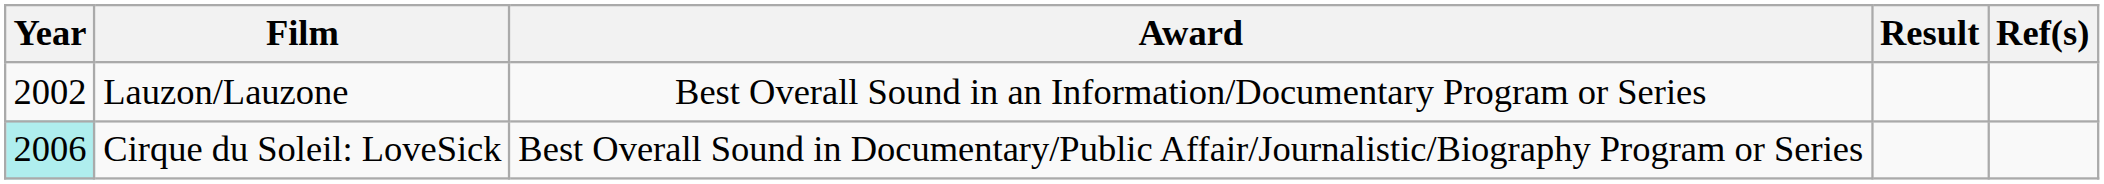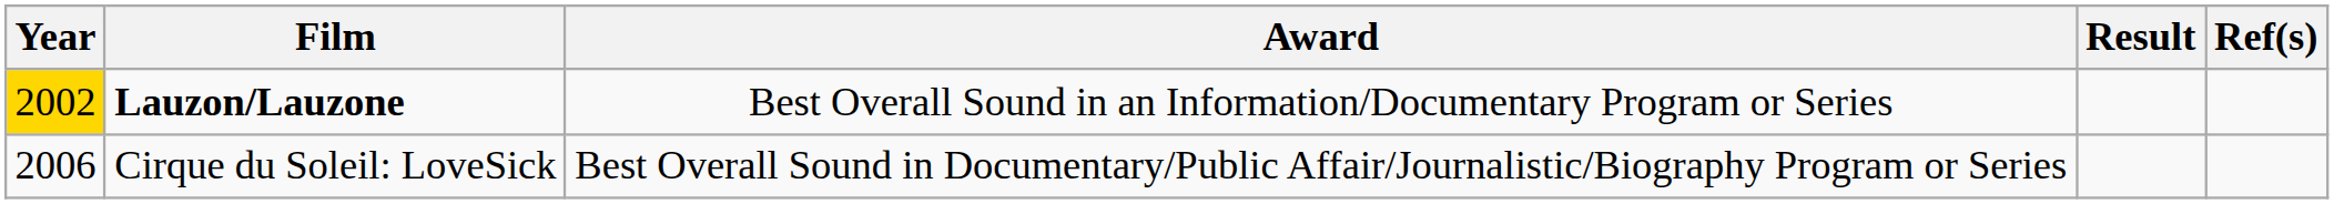 <table class="wikitable plainrowheaders sortable">
 <tr>
 <th>Year</th>
 <th>Film</th>
 <th>Award</th>
 <th>Result</th>
 <th>Ref(s)</th>
 </tr>
 <tr>
-<td style="text-align:center;">2002</td>
-<td>Lauzon/Lauzone</td>
+<td style="background: gold; text-align:center;">2002</td>
+<td><strong>Lauzon/Lauzone</strong></td>
 <td style="text-align:center;">Best Overall Sound in an Information/Documentary Program or Series</td>
 <td></td>
 <td></td>
 </tr>
 <tr>
-<td style="background: paleturquoise; text-align:center;">2006</td>
+<td style="text-align:center;">2006</td>
 <td>Cirque du Soleil: LoveSick</td>
 <td style="text-align:center;">Best Overall Sound in Documentary/Public Affair/Journalistic/Biography Program or Series</td>
 <td></td>
 <td></td>
 </tr>
 </table>
